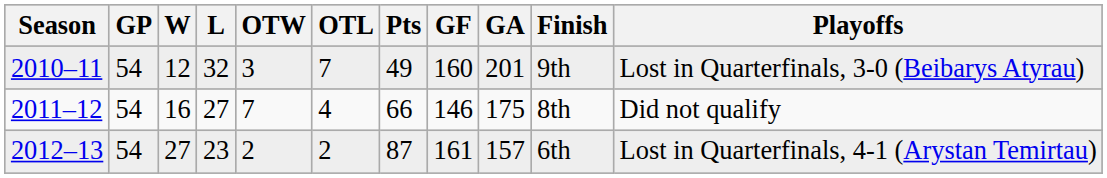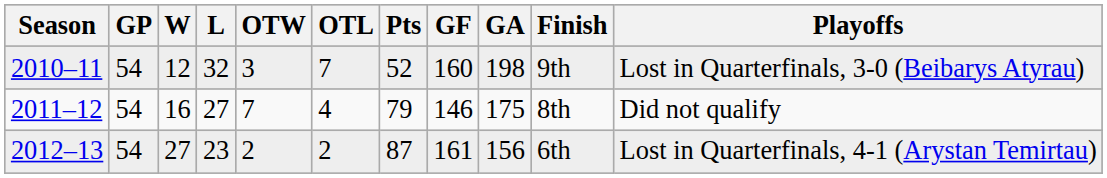 <table class="wikitable">
 <tr>
 <th>Season</th>
 <th>GP</th>
 <th>W</th>
 <th>L</th>
 <th>OTW</th>
 <th>OTL</th>
 <th>Pts</th>
 <th>GF</th>
 <th>GA</th>
 <th>Finish</th>
 <th>Playoffs</th>
 </tr>
 <tr style="background:#eee;">
 <td><a href='#'>2010–11</a></td>
 <td>54</td>
 <td>12</td>
 <td>32</td>
 <td>3</td>
 <td>7</td>
-<td>49</td>
+<td>52</td>
 <td>160</td>
-<td>201</td>
+<td>198</td>
 <td>9th</td>
 <td>Lost in Quarterfinals, 3-0 (<a href='#'>Beibarys Atyrau</a>)</td>
 </tr>
 <tr>
 <td><a href='#'>2011–12</a></td>
 <td>54</td>
 <td>16</td>
 <td>27</td>
 <td>7</td>
 <td>4</td>
-<td>66</td>
+<td>79</td>
 <td>146</td>
 <td>175</td>
 <td>8th</td>
 <td>Did not qualify</td>
 </tr>
 <tr style="background:#eee;">
 <td><a href='#'>2012–13</a></td>
 <td>54</td>
 <td>27</td>
 <td>23</td>
 <td>2</td>
 <td>2</td>
 <td>87</td>
 <td>161</td>
-<td>157</td>
+<td>156</td>
 <td>6th</td>
 <td>Lost in Quarterfinals, 4-1 (<a href='#'>Arystan Temirtau</a>)</td>
 </tr>
 </table>
